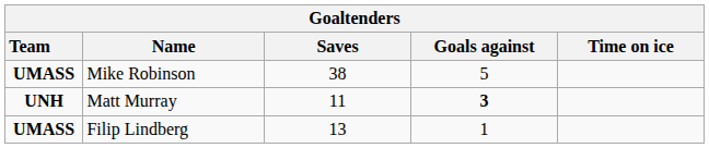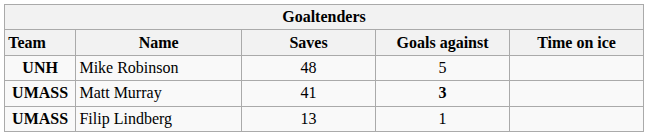 <table class="wikitable" style="width:40em; text-align:right;">
 <tr>
 <th colspan=5>Goaltenders</th>
 </tr>
 <tr>
 <th style="width:4em; text-align:left;">Team</th>
 <th style="width:10em;">Name</th>
 <th style="width:8em;">Saves</th>
 <th style="width:8em;">Goals against</th>
 <th style="width:8em;">Time on ice</th>
 </tr>
 <tr>
-<td align=center><strong>UMASS</strong></td>
+<td align=center><strong>UNH</strong></td>
 <td style="text-align:left;">Mike Robinson</td>
-<td align=center>38</td>
+<td align=center>48</td>
 <td align=center>5</td>
 <td align=center></td>
 </tr>
 <tr>
-<td align=center><strong>UNH</strong></td>
+<td align=center><strong>UMASS</strong></td>
 <td style="text-align:left;">Matt Murray</td>
-<td align=center>11</td>
+<td align=center>41</td>
 <td align=center><strong>3</strong></td>
 <td align=center></td>
 </tr>
 <tr>
 <td align=center><strong>UMASS</strong></td>
 <td style="text-align:left;">Filip Lindberg</td>
 <td align=center>13</td>
 <td align=center>1</td>
 <td align=center></td>
 </tr>
 </table>
